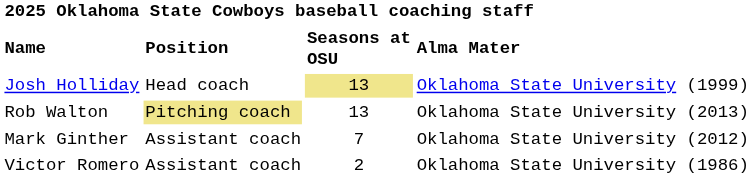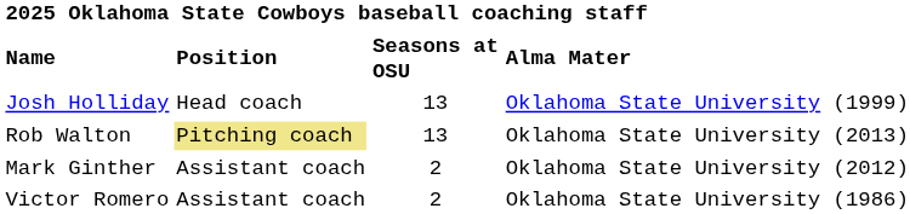 <table class="toccolours" style="text-align: left; font-size:90%;">
 <tr>
 <th colspan="4">2025 Oklahoma State Cowboys baseball coaching staff</th>
 </tr>
 <tr>
 <th>Name</th>
 <th>Position</th>
 <th>Seasons at<br>OSU</th>
 <th>Alma Mater</th>
 </tr>
 <tr>
 <td><a href='#'>Josh Holliday</a></td>
 <td>Head coach</td>
-<td align=center style="background: khaki;">13</td>
+<td align=center>13</td>
 <td><a href='#'>Oklahoma State University</a> (1999)</td>
 </tr>
 <tr>
 <td>Rob Walton</td>
 <td style="background: khaki;">Pitching coach</td>
 <td align=center>13</td>
 <td>Oklahoma State University (2013)</td>
 </tr>
 <tr>
 <td>Mark Ginther</td>
 <td>Assistant coach</td>
-<td align=center>7</td>
+<td align=center>2</td>
 <td>Oklahoma State University (2012)</td>
 </tr>
 <tr>
 <td>Victor Romero</td>
 <td>Assistant coach</td>
 <td align=center>2</td>
 <td>Oklahoma State University (1986)</td>
 </tr>
 </table>
